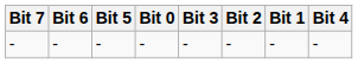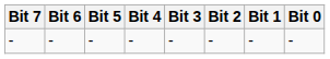 <table class="wikitable">
 <tr>
 <th>Bit 7</th>
 <th>Bit 6</th>
 <th>Bit 5</th>
-<th>Bit 0</th>
+<th>Bit 4</th>
 <th>Bit 3</th>
 <th>Bit 2</th>
 <th>Bit 1</th>
-<th>Bit 4</th>
+<th>Bit 0</th>
 </tr>
 <tr>
 <td>-</td>
 <td>-</td>
 <td>-</td>
 <td>-</td>
 <td>-</td>
 <td>-</td>
 <td>-</td>
 <td>-</td>
 </tr>
 </table>
